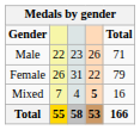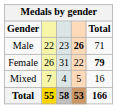 <table class="wikitable" style=font-size:85%;float:right;text-align:center>
 <tr>
 <th colspan=5>Medals by gender</th>
 </tr>
 <tr>
 <td><strong>Gender</strong></td>
 <td bgcolor=F7F6A8></td>
 <td bgcolor=DCE5E5></td>
 <td bgcolor=FFDAB9></td>
 <td><strong>Total</strong></td>
 </tr>
 <tr align=center>
 <td>Male</td>
 <td style="background:#F7F6A8;">22</td>
 <td style="background:#DCE5E5;">23</td>
-<td style="background:#FFDAB9;">26</td>
+<td style="background:#FFDAB9;"><strong>26</strong></td>
 <td>71</td>
 </tr>
 <tr align=center>
 <td>Female</td>
 <td style="background:#F7F6A8;">26</td>
 <td style="background:#DCE5E5;">31</td>
 <td style="background:#FFDAB9;">22</td>
-<td>79</td>
+<td><strong>79</strong></td>
 </tr>
 <tr align=center>
 <td>Mixed</td>
 <td style="background:#F7F6A8;">7</td>
 <td style="background:#DCE5E5;">4</td>
-<td style="background:#FFDAB9;"><strong>5</strong></td>
+<td style="background:#FFDAB9;">5</td>
 <td>16</td>
 </tr>
 <tr align=center>
 <th><strong>Total</strong></th>
 <th style="background:gold;"><strong>55</strong></th>
 <th style="background:silver;"><strong>58</strong></th>
 <th style="background:#c96;"><strong>53</strong></th>
 <td><strong>166</strong></td>
 </tr>
 </table>
